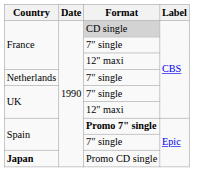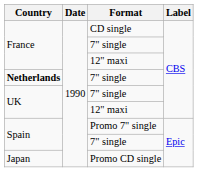 <table class=wikitable>
 <tr>
 <th>Country</th>
 <th>Date</th>
 <th>Format</th>
 <th>Label</th>
 </tr>
 <tr>
 <td rowspan="3">France</td>
 <td rowspan="9">1990</td>
-<td style="background: lightgrey;">CD single</td>
+<td>CD single</td>
 <td rowspan="6"><a href='#'>CBS</a></td>
 </tr>
 <tr>
 <td>7" single</td>
 </tr>
 <tr>
 <td>12" maxi</td>
 </tr>
 <tr>
-<td>Netherlands</td>
+<td><strong>Netherlands</strong></td>
 <td>7" single</td>
 </tr>
 <tr>
 <td rowspan="2">UK</td>
 <td>7" single</td>
 </tr>
 <tr>
 <td>12" maxi</td>
 </tr>
 <tr>
 <td rowspan="2">Spain</td>
-<td><strong>Promo 7" single</strong></td>
+<td>Promo 7" single</td>
 <td rowspan="3"><a href='#'>Epic</a></td>
 </tr>
 <tr>
 <td>7" single</td>
 </tr>
 <tr>
-<td><strong>Japan</strong></td>
+<td>Japan</td>
 <td>Promo CD single</td>
 </tr>
 </table>
